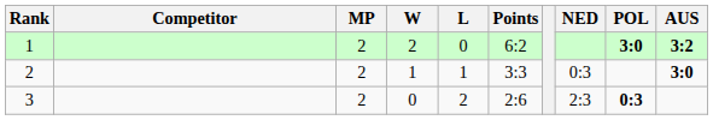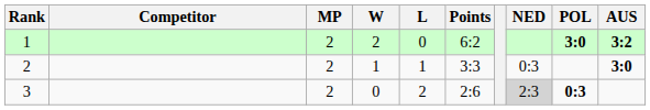 <table class="wikitable" style="text-align:center">
 <tr>
 <th>Rank</th>
 <th style="width:16em">Competitor</th>
 <th style="width:2.5em">MP</th>
 <th style="width:2.5em">W</th>
 <th style="width:2.5em">L</th>
 <th>Points</th>
 <th rowspan="4"> </th>
 <th style="width:2.5em">NED</th>
 <th style="width:2.5em">POL</th>
 <th style="width:2.5em">AUS</th>
 </tr>
 <tr style="background:#cfc;">
 <td>1</td>
 <td style="text-align:left"></td>
 <td>2</td>
 <td>2</td>
 <td>0</td>
 <td>6:2</td>
 <td></td>
 <td><strong>3:0</strong></td>
 <td><strong>3:2</strong></td>
 </tr>
 <tr>
 <td>2</td>
 <td style="text-align:left"></td>
 <td>2</td>
 <td>1</td>
 <td>1</td>
 <td>3:3</td>
 <td>0:3</td>
 <td></td>
 <td><strong>3:0</strong></td>
 </tr>
 <tr>
 <td>3</td>
 <td style="text-align:left"></td>
 <td>2</td>
 <td>0</td>
 <td>2</td>
 <td>2:6</td>
-<td>2:3</td>
+<td style="background: lightgrey;">2:3</td>
 <td><strong>0:3</strong></td>
 <td></td>
 </tr>
 </table>
